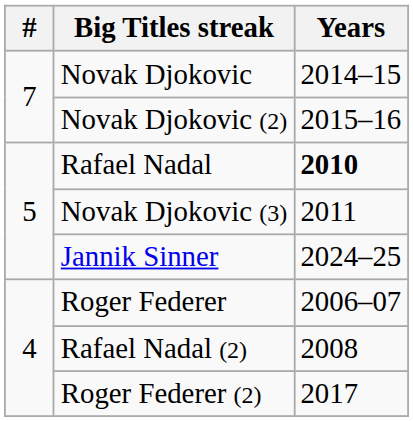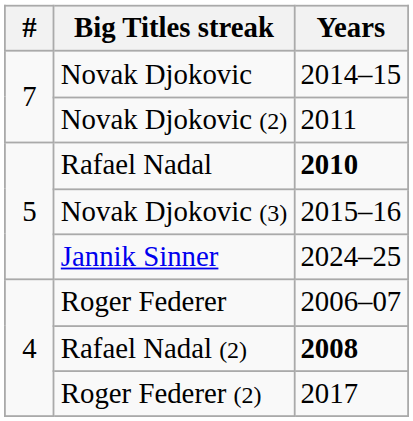 <table class="wikitable" style="display: inline-table;">
 <tr>
 <th width=20>#</th>
 <th>Big Titles streak</th>
 <th>Years</th>
 </tr>
 <tr>
 <td rowspan="2" align=center>7</td>
 <td> Novak Djokovic</td>
 <td>2014–15</td>
 </tr>
 <tr>
 <td> Novak Djokovic <small>(2)</small></td>
-<td>2015–16</td>
+<td>2011</td>
 </tr>
 <tr>
 <td rowspan="3" align="center">5</td>
 <td> Rafael Nadal</td>
 <td><strong>2010</strong></td>
 </tr>
 <tr>
 <td> Novak Djokovic <small>(3)</small></td>
-<td>2011</td>
+<td>2015–16</td>
 </tr>
 <tr>
 <td> <a href='#'>Jannik Sinner</a></td>
 <td>2024–25</td>
 </tr>
 <tr>
 <td rowspan="3" align="center">4</td>
 <td> Roger Federer</td>
 <td>2006–07</td>
 </tr>
 <tr>
 <td> Rafael Nadal <small>(2)</small></td>
-<td>2008</td>
+<td><strong>2008</strong></td>
 </tr>
 <tr>
 <td> Roger Federer <small>(2)</small></td>
 <td>2017</td>
 </tr>
 </table>
